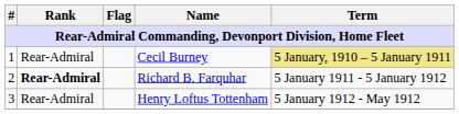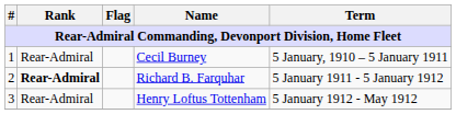 <table class="wikitable">
 <tr>
 <th>#</th>
 <th>Rank</th>
 <th>Flag</th>
 <th>Name</th>
 <th>Term</th>
 </tr>
 <tr>
 <td colspan="5" align="center" style="background:#dcdcfe;"><strong>Rear-Admiral Commanding, Devonport Division, Home Fleet</strong></td>
 </tr>
 <tr>
 <td>1</td>
 <td>Rear-Admiral</td>
 <td></td>
 <td><a href='#'>Cecil Burney</a></td>
-<td style="background: khaki;">5 January, 1910 – 5 January 1911</td>
+<td>5 January, 1910 – 5 January 1911</td>
 </tr>
 <tr>
 <td>2</td>
 <td><strong>Rear-Admiral</strong></td>
 <td></td>
 <td><a href='#'>Richard B. Farquhar</a></td>
 <td>5 January 1911 - 5 January 1912</td>
 </tr>
 <tr>
 <td>3</td>
 <td>Rear-Admiral</td>
 <td></td>
 <td><a href='#'>Henry Loftus Tottenham</a></td>
 <td>5 January  1912 - May 1912</td>
 </tr>
 <tr>
 </tr>
 </table>
